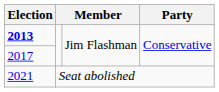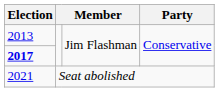 <table class="wikitable">
 <tr>
 <th>Election</th>
 <th colspan="2">Member</th>
 <th>Party</th>
 </tr>
 <tr>
-<td><strong><a href='#'>2013</a></strong></td>
+<td><a href='#'>2013</a></td>
 <td rowspan="2" style="background-color: "></td>
 <td rowspan="2">Jim Flashman</td>
 <td rowspan="2"><a href='#'>Conservative</a></td>
 </tr>
 <tr>
-<td><a href='#'>2017</a></td>
+<td><strong><a href='#'>2017</a></strong></td>
 </tr>
 <tr>
 <td><a href='#'>2021</a></td>
 <td colspan="3"><em>Seat abolished</em></td>
 </tr>
 </table>
